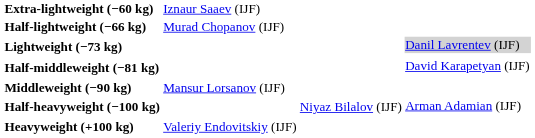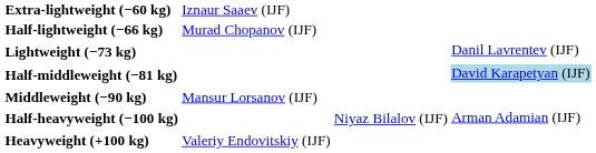 <table>
 <tr>
 <th rowspan=2 style="text-align:left;">Extra-lightweight (−60 kg)</th>
 <td rowspan=2> <a href='#'>Iznaur Saaev</a> <span>(<abbr>IJF</abbr>)</span></td>
 <td rowspan=2></td>
 <td></td>
 </tr>
 <tr>
 <td></td>
 </tr>
 <tr>
 <th rowspan=2 style="text-align:left;">Half-lightweight (−66 kg)</th>
 <td rowspan=2> <a href='#'>Murad Chopanov</a> <span>(<abbr>IJF</abbr>)</span></td>
 <td rowspan=2></td>
 <td></td>
 </tr>
 <tr>
 <td></td>
 </tr>
 <tr>
 <th rowspan=2 style="text-align:left;">Lightweight (−73 kg)</th>
 <td rowspan=2></td>
 <td rowspan=2></td>
-<td style="background: lightgrey;"> <a href='#'>Danil Lavrentev</a> <span>(<abbr>IJF</abbr>)</span></td>
+<td> <a href='#'>Danil Lavrentev</a> <span>(<abbr>IJF</abbr>)</span></td>
 </tr>
 <tr>
 <td></td>
 </tr>
 <tr>
 <th rowspan=2 style="text-align:left;">Half-middleweight (−81 kg)</th>
 <td rowspan=2></td>
 <td rowspan=2></td>
-<td> <a href='#'>David Karapetyan</a> <span>(<abbr>IJF</abbr>)</span></td>
+<td style="background: lightblue;"> <a href='#'>David Karapetyan</a> <span>(<abbr>IJF</abbr>)</span></td>
 </tr>
 <tr>
 <td></td>
 </tr>
 <tr>
 <th rowspan=2 style="text-align:left;">Middleweight (−90 kg)</th>
 <td rowspan=2> <a href='#'>Mansur Lorsanov</a> <span>(<abbr>IJF</abbr>)</span></td>
 <td rowspan=2></td>
 <td></td>
 </tr>
 <tr>
 <td></td>
 </tr>
 <tr>
 <th rowspan=2 style="text-align:left;">Half-heavyweight (−100 kg)</th>
 <td rowspan=2></td>
 <td rowspan=2> <a href='#'>Niyaz Bilalov</a> <span>(<abbr>IJF</abbr>)</span></td>
 <td> <a href='#'>Arman Adamian</a> <span>(<abbr>IJF</abbr>)</span></td>
 </tr>
 <tr>
 <td></td>
 </tr>
 <tr>
 <th rowspan=2 style="text-align:left;">Heavyweight (+100 kg)</th>
 <td rowspan=2> <a href='#'>Valeriy Endovitskiy</a> <span>(<abbr>IJF</abbr>)</span></td>
 <td rowspan=2></td>
 <td></td>
 </tr>
 <tr>
 <td></td>
 </tr>
 </table>
